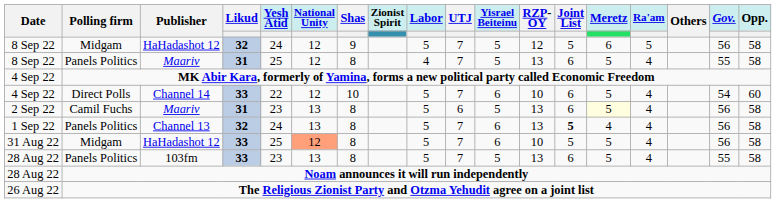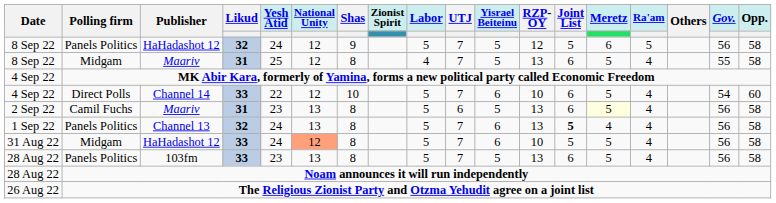 <table class="wikitable sortable" style="text-align:center;font-size:90%;line-height:12px">
 <tr>
 <th rowspan="2">Date</th>
 <th rowspan="2">Polling firm</th>
 <th rowspan="2">Publisher</th>
 <th><a href='#'>Likud</a></th>
 <th style="background:#cee"><a href='#'>Yesh<br>Atid</a></th>
 <th style="background:#cee;font-size:90% "><a href='#'>National<br>Unity</a></th>
 <th><a href='#'>Shas</a></th>
 <th style="background:#cee;font-size:90% ">Zionist<br>Spirit</th>
 <th style="background:#cee"><a href='#'>Labor</a></th>
 <th><a href='#'>UTJ</a></th>
 <th style="background:#cee; font-size:90%"><a href='#'>Yisrael<br>Beiteinu</a></th>
 <th><a href='#'>RZP</a>-<br><a href='#'>OY</a></th>
 <th><a href='#'>Joint<br>List</a></th>
 <th style="background:#cee"><a href='#'>Meretz</a></th>
 <th style="background:#cee; font-size:90%"><a href='#'>Ra'am</a></th>
 <th rowspan="2">Others</th>
 <th style="background:#cee"><a href='#'><em>Gov.</em></a></th>
 <th style=background:#cee>Opp.</th>
 </tr>
 <tr>
 <th style="background:"></th>
 <th style="background:"></th>
 <th style="background:"></th>
 <th style="background:"></th>
 <th style="background:#3590AE"></th>
 <th style="background:"></th>
 <th style="background:"></th>
 <th style="background:"></th>
 <th style="background:"></th>
 <th style="background:"></th>
 <th style="background:#23e164"></th>
 <th style="background:"></th>
 <th style="background:"></th>
 <th style=background:></th>
 </tr>
 <tr>
 <td>8 Sep 22</td>
-<td>Midgam</td>
+<td>Panels Politics</td>
 <td><a href='#'>HaHadashot 12</a></td>
 <td style="background:#BBCDE4"><strong>32</strong></td>
 <td>24</td>
 <td>12</td>
 <td>9</td>
 <td></td>
 <td>5</td>
 <td>7</td>
 <td>5</td>
 <td>12</td>
 <td>5</td>
 <td>6</td>
 <td>5</td>
 <td></td>
 <td>56</td>
 <td>58</td>
 </tr>
 <tr>
 <td>8 Sep 22</td>
-<td>Panels Politics</td>
+<td>Midgam</td>
 <td><em><a href='#'>Maariv</a></em></td>
 <td style="background:#BBCDE4"><strong>31</strong></td>
 <td>25</td>
 <td>12</td>
 <td>8</td>
 <td></td>
 <td>4</td>
 <td>7</td>
 <td>5</td>
 <td>13</td>
 <td>6</td>
 <td>5</td>
 <td>4</td>
 <td></td>
 <td>55</td>
 <td>58</td>
 </tr>
 <tr>
 <td>4 Sep 22</td>
 <td colspan="17"><strong>MK <a href='#'>Abir Kara</a>, formerly of <a href='#'>Yamina</a>, forms a new political party called Economic Freedom</strong></td>
 </tr>
 <tr>
 <td>4 Sep 22</td>
 <td>Direct Polls</td>
 <td><a href='#'>Channel 14</a></td>
 <td style="background:#BBCDE4"><strong>33</strong></td>
 <td>22</td>
 <td>12</td>
 <td>10</td>
 <td></td>
 <td>5</td>
 <td>7</td>
 <td>6</td>
 <td>10</td>
 <td>6</td>
 <td>5</td>
 <td>4</td>
 <td></td>
 <td>54</td>
 <td>60</td>
 </tr>
 <tr>
 <td>2 Sep 22</td>
 <td>Camil Fuchs</td>
 <td><em><a href='#'>Maariv</a></em></td>
 <td style="background:#BBCDE4"><strong>31</strong></td>
 <td>23</td>
 <td>13</td>
 <td>8</td>
 <td></td>
 <td>5</td>
 <td>6</td>
 <td>5</td>
 <td>13</td>
 <td>6</td>
 <td style="background: lightyellow;">5</td>
 <td>4</td>
 <td></td>
 <td>56</td>
 <td>58</td>
 </tr>
 <tr>
 <td>1 Sep 22</td>
 <td>Panels Politics</td>
 <td><a href='#'>Channel 13</a></td>
 <td style="background:#BBCDE4"><strong>32</strong></td>
 <td>24</td>
 <td>13</td>
 <td>8</td>
 <td></td>
 <td>5</td>
 <td>7</td>
 <td>6</td>
 <td>13</td>
 <td><strong>5</strong></td>
 <td>4</td>
 <td>4</td>
 <td></td>
 <td>56</td>
 <td>58</td>
 </tr>
 <tr>
 <td>31 Aug 22</td>
 <td>Midgam</td>
 <td><a href='#'>HaHadashot 12</a></td>
 <td style="background:#BBCDE4"><strong>33</strong></td>
-<td>25</td>
+<td>24</td>
 <td style="background: lightsalmon;">12</td>
 <td>8</td>
 <td></td>
 <td>5</td>
 <td>7</td>
 <td>6</td>
 <td>10</td>
 <td>5</td>
 <td>5</td>
 <td>4</td>
 <td></td>
 <td>56</td>
 <td>58</td>
 </tr>
 <tr>
 <td>28 Aug 22</td>
 <td>Panels Politics</td>
 <td>103fm</td>
 <td style="background:#BBCDE4"><strong>33</strong></td>
 <td>23</td>
 <td>13</td>
 <td>8</td>
 <td></td>
 <td>5</td>
 <td>7</td>
 <td>5</td>
 <td>13</td>
 <td>6</td>
 <td>5</td>
 <td>4</td>
 <td></td>
-<td>55</td>
+<td>56</td>
 <td>58</td>
 </tr>
 <tr>
 <td data-sort-value="2022-08-28">28 Aug 22</td>
 <td colspan="17"><strong><a href='#'>Noam</a> announces it will run independently</strong></td>
 </tr>
 <tr>
 <td data-sort-value="2022-08-26">26 Aug 22</td>
 <td colspan="17"><strong>The <a href='#'>Religious Zionist Party</a> and <a href='#'>Otzma Yehudit</a> agree on a joint list</strong></td>
 </tr>
 </table>
